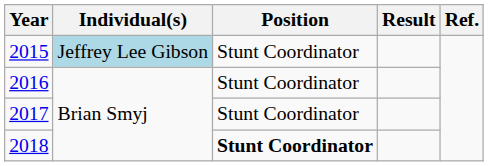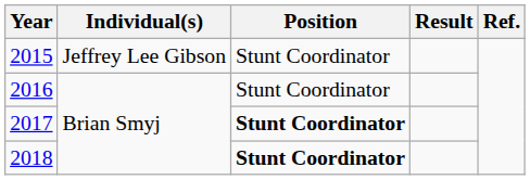 <table class="wikitable">
 <tr>
 <th>Year</th>
 <th>Individual(s)</th>
 <th>Position</th>
 <th>Result</th>
 <th>Ref.</th>
 </tr>
 <tr>
 <td><a href='#'>2015</a></td>
-<td style="background: lightblue;">Jeffrey Lee Gibson</td>
+<td>Jeffrey Lee Gibson</td>
 <td>Stunt Coordinator</td>
 <td></td>
 <td rowspan="4" align="center"></td>
 </tr>
 <tr>
 <td><a href='#'>2016</a></td>
 <td rowspan="3">Brian Smyj</td>
 <td>Stunt Coordinator</td>
 <td></td>
 </tr>
 <tr>
 <td><a href='#'>2017</a></td>
-<td>Stunt Coordinator</td>
+<td><strong>Stunt Coordinator</strong></td>
 <td></td>
 </tr>
 <tr>
 <td><a href='#'>2018</a></td>
 <td><strong>Stunt Coordinator</strong></td>
 <td></td>
 </tr>
 </table>
